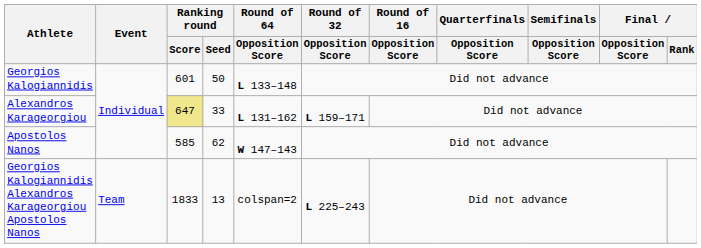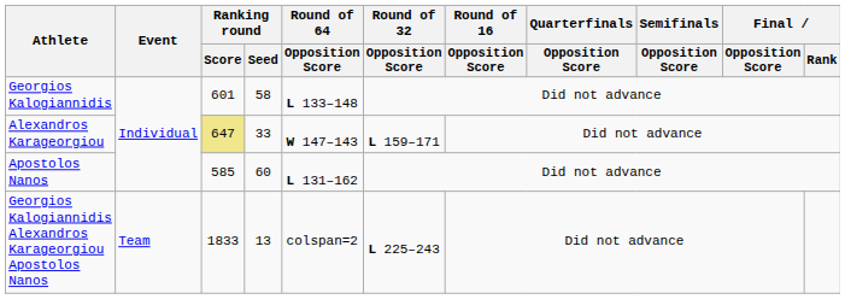 <table class="wikitable" style="font-size:90%">
 <tr>
 <th rowspan="2">Athlete</th>
 <th rowspan="2">Event</th>
 <th colspan="2">Ranking round</th>
 <th>Round of 64</th>
 <th>Round of 32</th>
 <th>Round of 16</th>
 <th>Quarterfinals</th>
 <th>Semifinals</th>
 <th colspan="2">Final / </th>
 </tr>
 <tr style="font-size:95%">
 <th>Score</th>
 <th>Seed</th>
 <th>Opposition<br>Score</th>
 <th>Opposition<br>Score</th>
 <th>Opposition<br>Score</th>
 <th>Opposition<br>Score</th>
 <th>Opposition<br>Score</th>
 <th>Opposition<br>Score</th>
 <th>Rank</th>
 </tr>
 <tr align=center>
 <td align=left><a href='#'>Georgios Kalogiannidis</a></td>
 <td align=left rowspan=3><a href='#'>Individual</a></td>
 <td>601</td>
-<td>50</td>
+<td>58</td>
 <td><br><strong>L</strong> 133–148</td>
 <td colspan=6>Did not advance</td>
 </tr>
 <tr align=center>
 <td align=left><a href='#'>Alexandros Karageorgiou</a></td>
 <td style="background: khaki;">647</td>
 <td>33</td>
-<td><br><strong>L</strong> 131–162</td>
+<td><br><strong>W</strong> 147–143</td>
 <td><br><strong>L</strong> 159–171</td>
 <td colspan=5>Did not advance</td>
 </tr>
 <tr align=center>
 <td align=left><a href='#'>Apostolos Nanos</a></td>
 <td>585</td>
-<td>62</td>
-<td><br><strong>W</strong> 147–143</td>
+<td>60</td>
+<td><br><strong>L</strong> 131–162</td>
 <td colspan=6>Did not advance</td>
 </tr>
 <tr align=center>
 <td align=left><a href='#'>Georgios Kalogiannidis</a><br><a href='#'>Alexandros Karageorgiou</a><br><a href='#'>Apostolos Nanos</a></td>
 <td align=left><a href='#'>Team</a></td>
 <td>1833</td>
 <td>13</td>
 <td>colspan=2 </td>
 <td><br><strong>L</strong> 225–243</td>
 <td colspan=4>Did not advance</td>
 </tr>
 </table>
